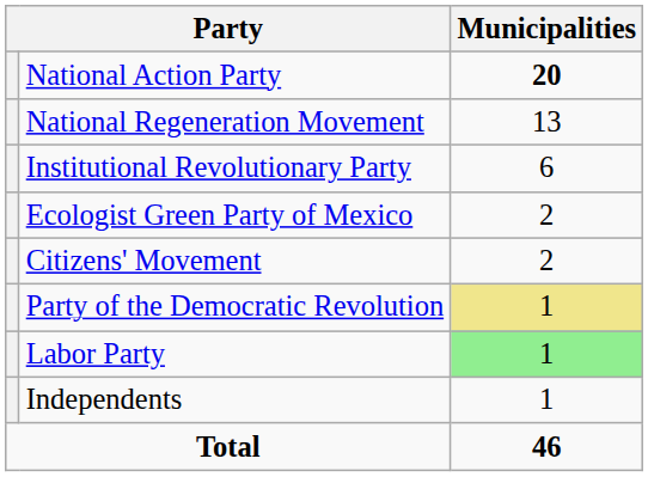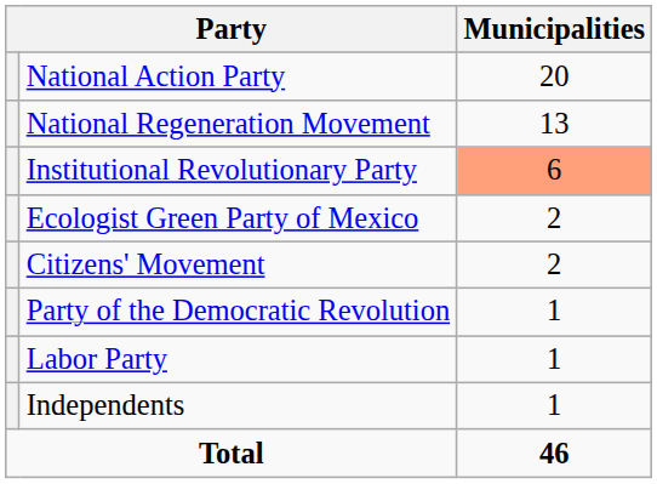 <table class="wikitable" style="text-align:center;">
 <tr>
 <th colspan="2">Party</th>
 <th>Municipalities</th>
 </tr>
 <tr>
 <th style="background-color:"></th>
 <td style="text-align:left;"><a href='#'>National Action Party</a></td>
-<td><strong>20</strong></td>
+<td>20</td>
 </tr>
 <tr>
 <th style="background-color:"></th>
 <td style="text-align:left;"><a href='#'>National Regeneration Movement</a></td>
 <td>13</td>
 </tr>
 <tr>
 <th style="background-color:"></th>
 <td style="text-align:left;"><a href='#'>Institutional Revolutionary Party</a></td>
-<td>6</td>
+<td style="background: lightsalmon;">6</td>
 </tr>
 <tr>
 <th style="background-color:"></th>
 <td style="text-align:left;"><a href='#'>Ecologist Green Party of Mexico</a></td>
 <td>2</td>
 </tr>
 <tr>
 <th style="background-color:"></th>
 <td style="text-align:left;"><a href='#'>Citizens' Movement</a></td>
 <td>2</td>
 </tr>
 <tr>
 <th style="background-color:"></th>
 <td style="text-align:left;"><a href='#'>Party of the Democratic Revolution</a></td>
-<td style="background: khaki;">1</td>
+<td>1</td>
 </tr>
 <tr>
 <th style="background-color:"></th>
 <td style="text-align:left;"><a href='#'>Labor Party</a></td>
-<td style="background: lightgreen;">1</td>
+<td>1</td>
 </tr>
 <tr>
 <th style="background-color:"></th>
 <td style="text-align:left;">Independents</td>
 <td>1</td>
 </tr>
 <tr>
 <td colspan="2"><strong>Total</strong></td>
 <td><strong>46</strong></td>
 </tr>
 </table>
